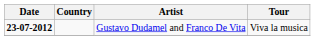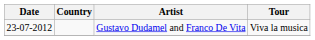 <table class="wikitable">
 <tr>
 <th>Date</th>
 <th>Country</th>
 <th>Artist</th>
 <th>Tour</th>
 </tr>
 <tr>
-<td><strong>23-07-2012</strong></td>
+<td>23-07-2012</td>
 <td></td>
 <td><a href='#'>Gustavo Dudamel</a> and <a href='#'>Franco De Vita</a></td>
 <td>Viva la musica</td>
 </tr>
 <tr |>
 </tr>
 <tr>
 </tr>
 </table>
